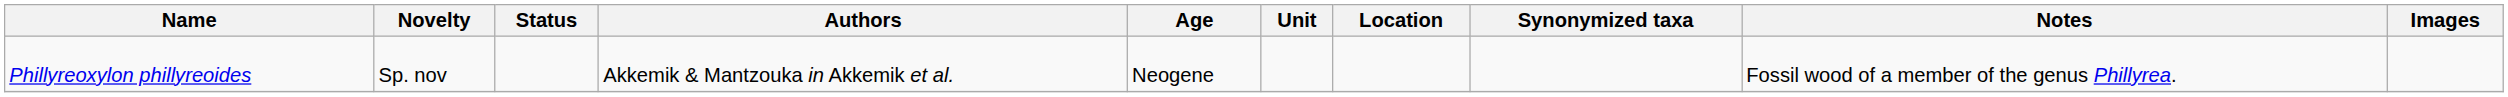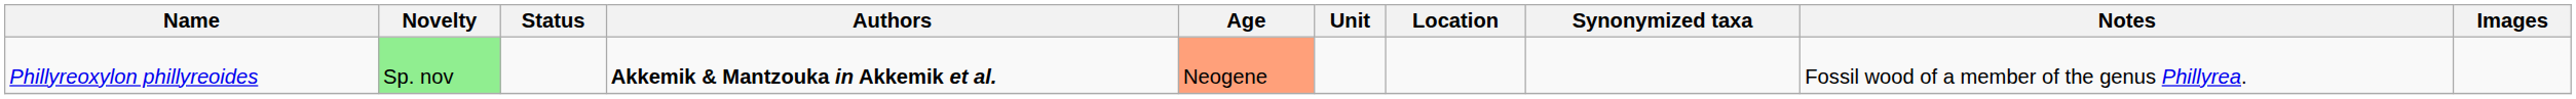 <table class="wikitable sortable" align="center" width="100%">
 <tr>
 <th>Name</th>
 <th>Novelty</th>
 <th>Status</th>
 <th>Authors</th>
 <th>Age</th>
 <th>Unit</th>
 <th>Location</th>
 <th>Synonymized taxa</th>
 <th>Notes</th>
 <th>Images</th>
 </tr>
 <tr>
 <td><br><em><a href='#'>Phillyreoxylon phillyreoides</a></em></td>
-<td><br>Sp. nov</td>
+<td style="background: lightgreen;"><br>Sp. nov</td>
 <td></td>
-<td><br>Akkemik & Mantzouka <em>in</em> Akkemik <em>et al.</em></td>
-<td><br>Neogene</td>
+<td><strong><br>Akkemik & Mantzouka <em>in</em> Akkemik <em>et al.</em></strong></td>
+<td style="background: lightsalmon;"><br>Neogene</td>
 <td></td>
 <td><br></td>
 <td></td>
 <td><br>Fossil wood of a member of the genus <em><a href='#'>Phillyrea</a></em>.</td>
 <td></td>
 </tr>
 <tr>
 </tr>
 </table>
